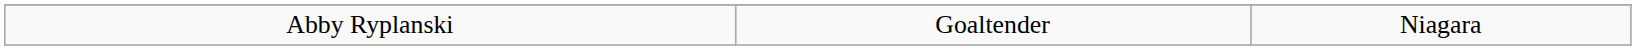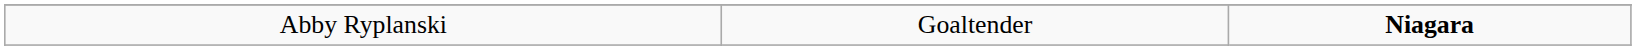 <table class="wikitable" width="80%">
 <tr align="center">
 </tr>
 <tr align="center" bgcolor="">
 <td>Abby Ryplanski</td>
 <td>Goaltender</td>
-<td>Niagara</td>
+<td><strong>Niagara</strong></td>
 </tr>
 </table>
